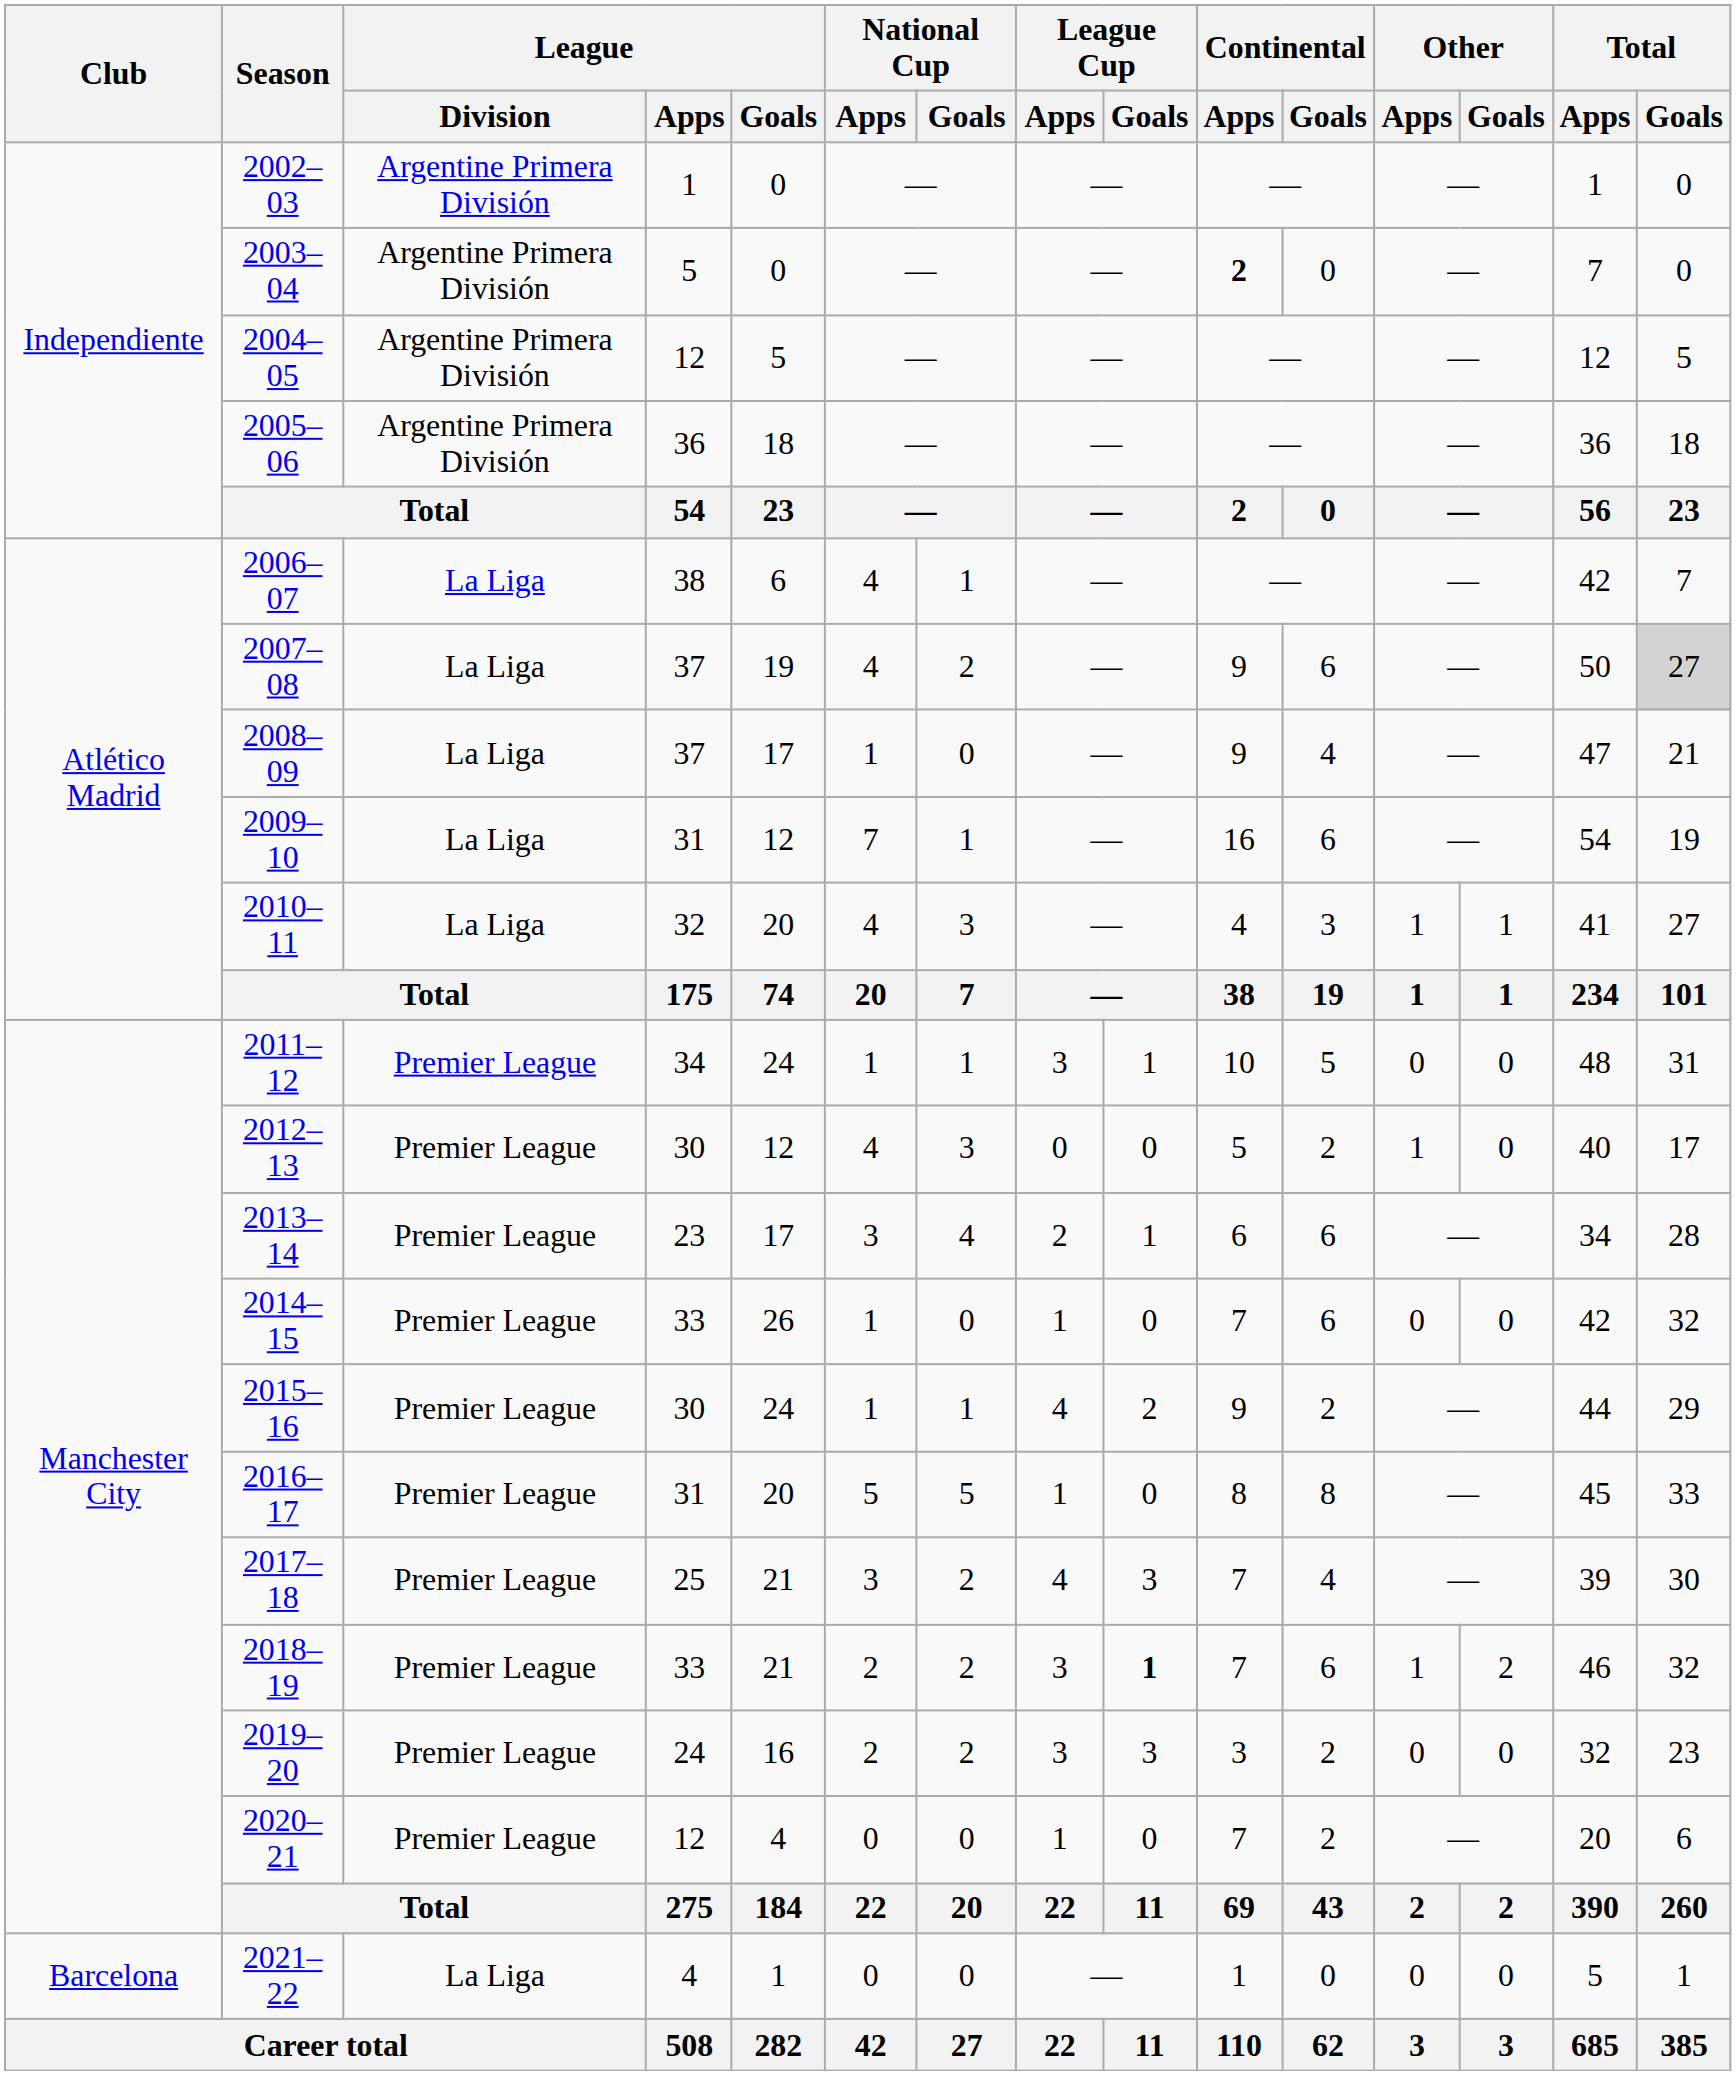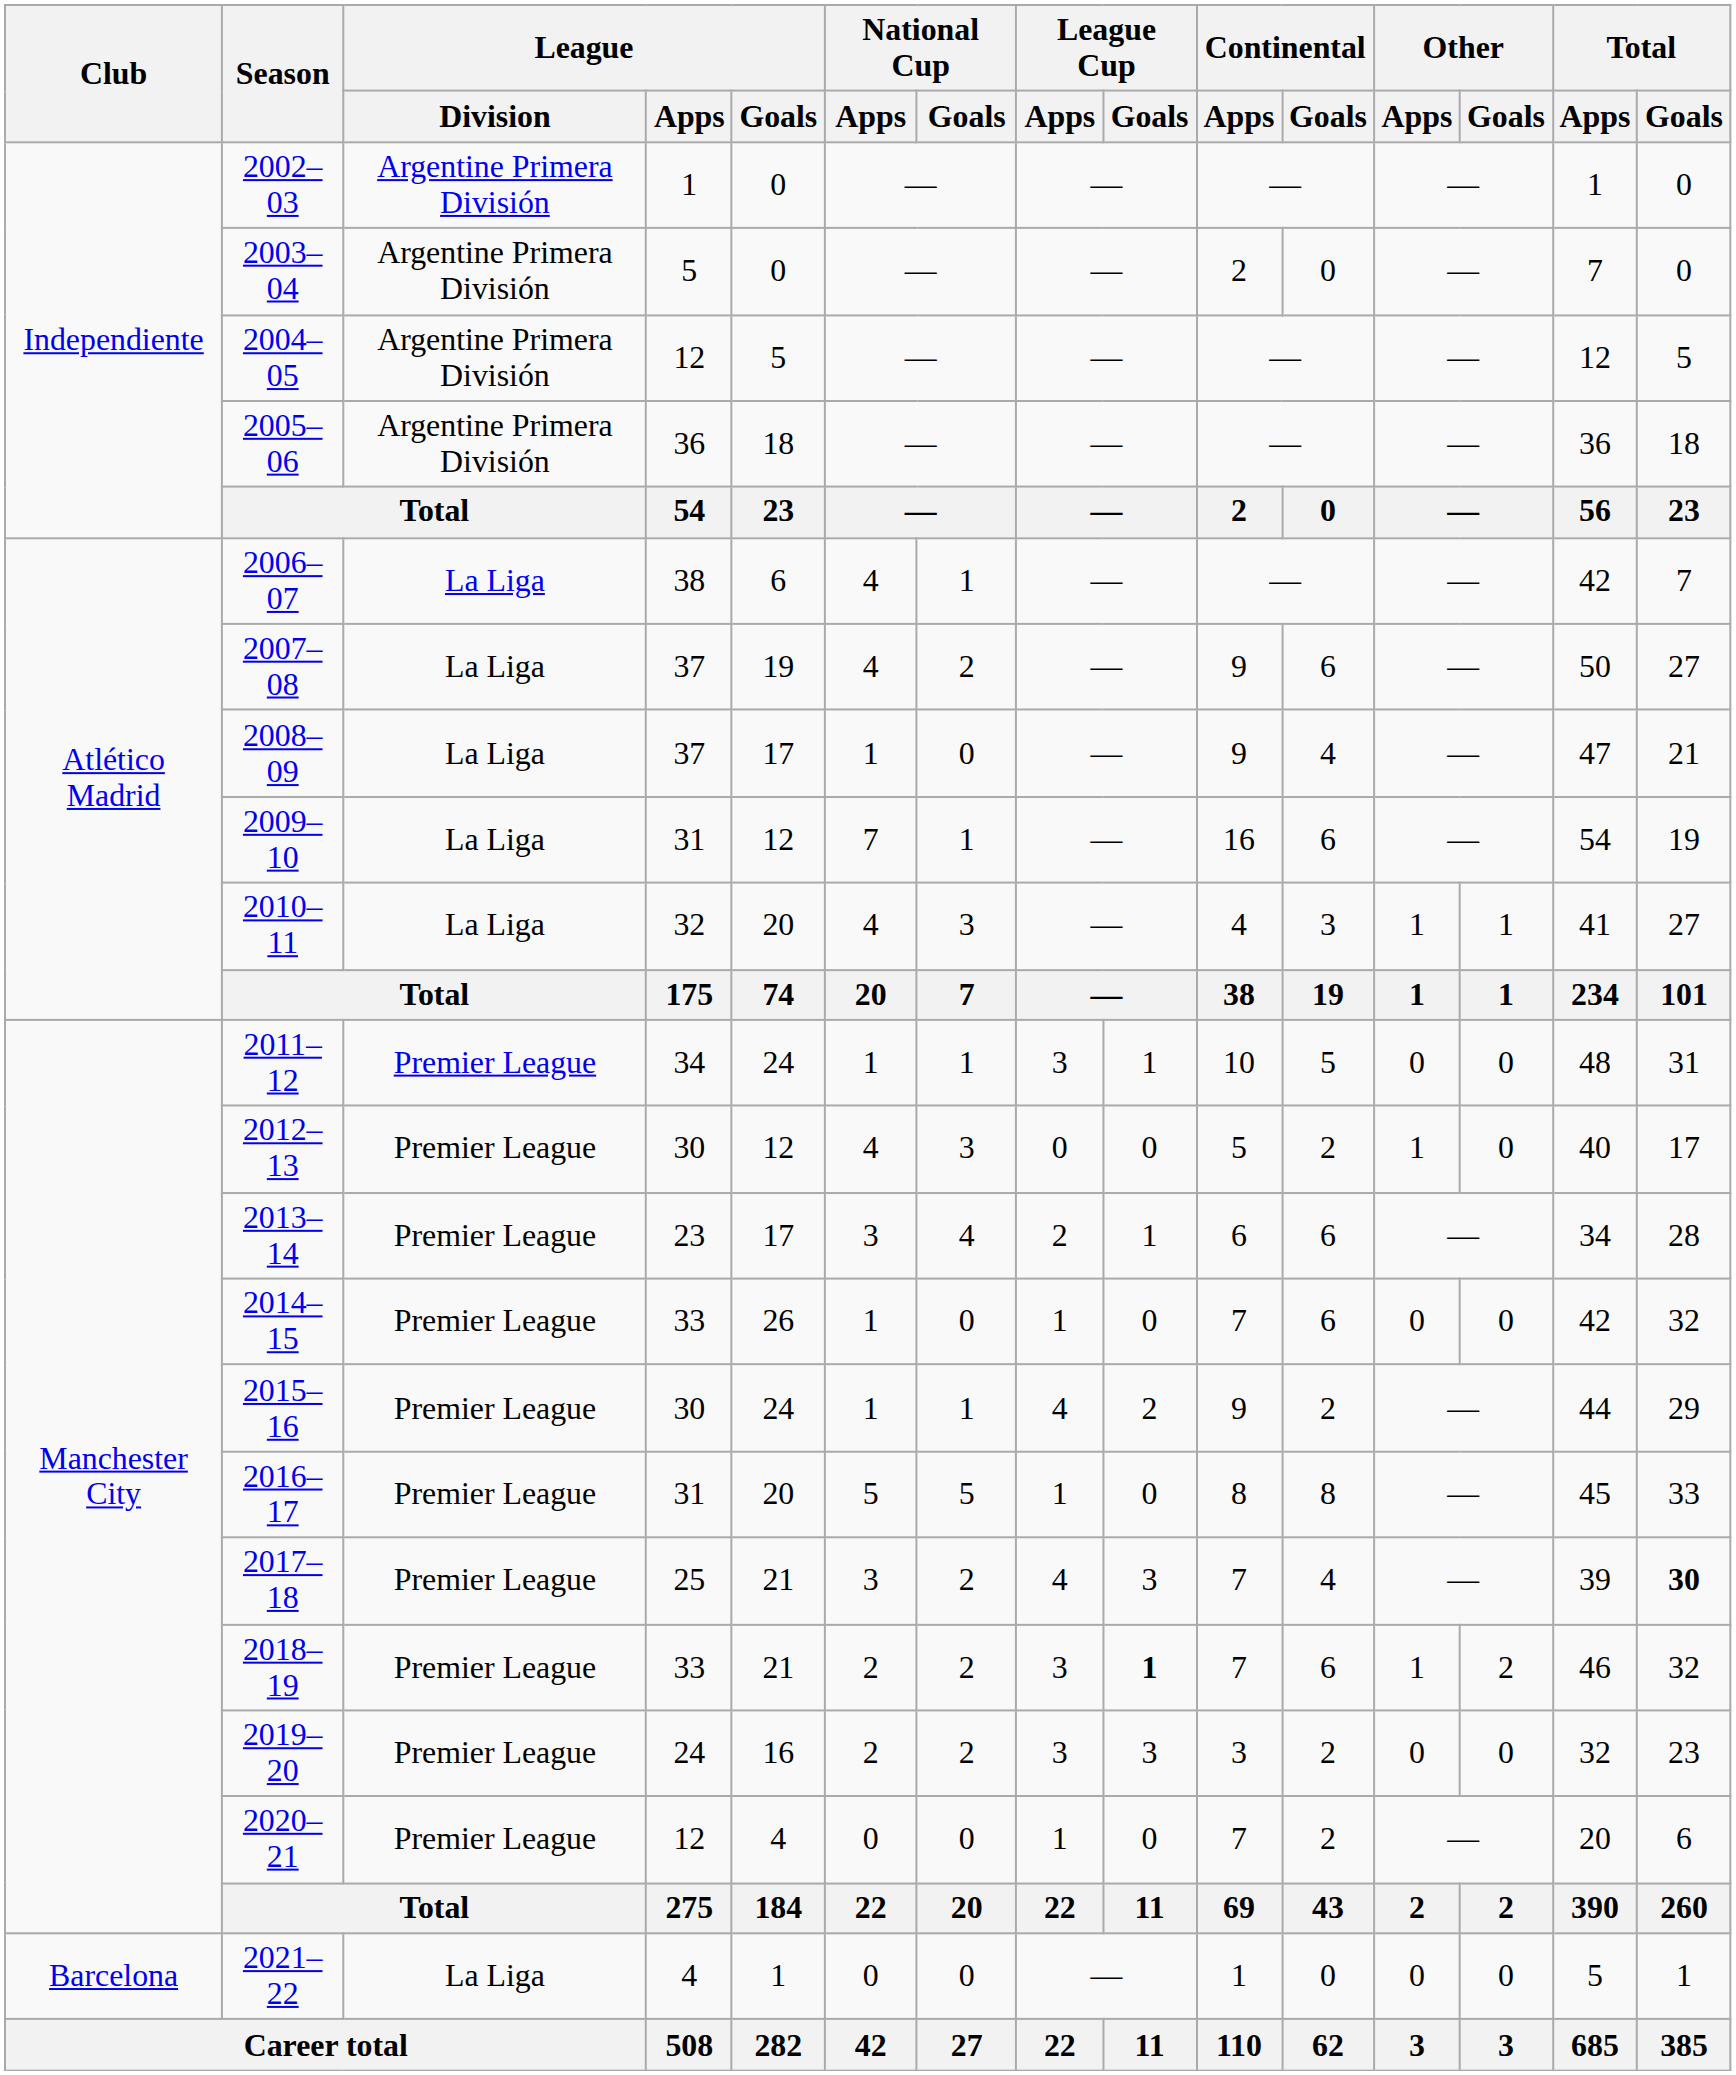 <table class="wikitable" style="text-align:center">
 <tr>
 <th rowspan="2">Club</th>
 <th rowspan="2">Season</th>
 <th colspan="3">League</th>
 <th colspan="2">National Cup</th>
 <th colspan="2">League Cup</th>
 <th colspan="2">Continental</th>
 <th colspan="2">Other</th>
 <th colspan="2">Total</th>
 </tr>
 <tr>
 <th>Division</th>
 <th>Apps</th>
 <th>Goals</th>
 <th>Apps</th>
 <th>Goals</th>
 <th>Apps</th>
 <th>Goals</th>
 <th>Apps</th>
 <th>Goals</th>
 <th>Apps</th>
 <th>Goals</th>
 <th>Apps</th>
 <th>Goals</th>
 </tr>
 <tr>
 <td rowspan="5"><a href='#'>Independiente</a></td>
 <td><a href='#'>2002–03</a></td>
 <td><a href='#'>Argentine Primera División</a></td>
 <td>1</td>
 <td>0</td>
 <td colspan="2">—</td>
 <td colspan="2">—</td>
 <td colspan="2">—</td>
 <td colspan="2">—</td>
 <td>1</td>
 <td>0</td>
 </tr>
 <tr>
 <td><a href='#'>2003–04</a></td>
 <td>Argentine Primera División</td>
 <td>5</td>
 <td>0</td>
 <td colspan="2">—</td>
 <td colspan="2">—</td>
-<td><strong>2</strong></td>
+<td>2</td>
 <td>0</td>
 <td colspan="2">—</td>
 <td>7</td>
 <td>0</td>
 </tr>
 <tr>
 <td><a href='#'>2004–05</a></td>
 <td>Argentine Primera División</td>
 <td>12</td>
 <td>5</td>
 <td colspan="2">—</td>
 <td colspan="2">—</td>
 <td colspan="2">—</td>
 <td colspan="2">—</td>
 <td>12</td>
 <td>5</td>
 </tr>
 <tr>
 <td><a href='#'>2005–06</a></td>
 <td>Argentine Primera División</td>
 <td>36</td>
 <td>18</td>
 <td colspan="2">—</td>
 <td colspan="2">—</td>
 <td colspan="2">—</td>
 <td colspan="2">—</td>
 <td>36</td>
 <td>18</td>
 </tr>
 <tr>
 <th colspan="2">Total</th>
 <th>54</th>
 <th>23</th>
 <th colspan="2">—</th>
 <th colspan="2">—</th>
 <th>2</th>
 <th>0</th>
 <th colspan="2">—</th>
 <th>56</th>
 <th>23</th>
 </tr>
 <tr>
 <td rowspan="6"><a href='#'>Atlético Madrid</a></td>
 <td><a href='#'>2006–07</a></td>
 <td><a href='#'>La Liga</a></td>
 <td>38</td>
 <td>6</td>
 <td>4</td>
 <td>1</td>
 <td colspan="2">—</td>
 <td colspan="2">—</td>
 <td colspan="2">—</td>
 <td>42</td>
 <td>7</td>
 </tr>
 <tr>
 <td><a href='#'>2007–08</a></td>
 <td>La Liga</td>
 <td>37</td>
 <td>19</td>
 <td>4</td>
 <td>2</td>
 <td colspan="2">—</td>
 <td>9</td>
 <td>6</td>
 <td colspan="2">—</td>
 <td>50</td>
-<td style="background: lightgrey;">27</td>
+<td>27</td>
 </tr>
 <tr>
 <td><a href='#'>2008–09</a></td>
 <td>La Liga</td>
 <td>37</td>
 <td>17</td>
 <td>1</td>
 <td>0</td>
 <td colspan="2">—</td>
 <td>9</td>
 <td>4</td>
 <td colspan="2">—</td>
 <td>47</td>
 <td>21</td>
 </tr>
 <tr>
 <td><a href='#'>2009–10</a></td>
 <td>La Liga</td>
 <td>31</td>
 <td>12</td>
 <td>7</td>
 <td>1</td>
 <td colspan="2">—</td>
 <td>16</td>
 <td>6</td>
 <td colspan="2">—</td>
 <td>54</td>
 <td>19</td>
 </tr>
 <tr>
 <td><a href='#'>2010–11</a></td>
 <td>La Liga</td>
 <td>32</td>
 <td>20</td>
 <td>4</td>
 <td>3</td>
 <td colspan="2">—</td>
 <td>4</td>
 <td>3</td>
 <td>1</td>
 <td>1</td>
 <td>41</td>
 <td>27</td>
 </tr>
 <tr>
 <th colspan="2">Total</th>
 <th>175</th>
 <th>74</th>
 <th>20</th>
 <th>7</th>
 <th colspan="2">—</th>
 <th>38</th>
 <th>19</th>
 <th>1</th>
 <th>1</th>
 <th>234</th>
 <th>101</th>
 </tr>
 <tr>
 <td rowspan="11"><a href='#'>Manchester City</a></td>
 <td !colspan="2"><a href='#'>2011–12</a></td>
 <td><a href='#'>Premier League</a></td>
 <td>34</td>
 <td>24</td>
 <td>1</td>
 <td>1</td>
 <td>3</td>
 <td>1</td>
 <td>10</td>
 <td>5</td>
 <td>0</td>
 <td>0</td>
 <td>48</td>
 <td>31</td>
 </tr>
 <tr>
 <td !colspan="2"><a href='#'>2012–13</a></td>
 <td>Premier League</td>
 <td>30</td>
 <td>12</td>
 <td>4</td>
 <td>3</td>
 <td>0</td>
 <td>0</td>
 <td>5</td>
 <td>2</td>
 <td>1</td>
 <td>0</td>
 <td>40</td>
 <td>17</td>
 </tr>
 <tr>
 <td !colspan="2"><a href='#'>2013–14</a></td>
 <td>Premier League</td>
 <td>23</td>
 <td>17</td>
 <td>3</td>
 <td>4</td>
 <td>2</td>
 <td>1</td>
 <td>6</td>
 <td>6</td>
 <td colspan="2">—</td>
 <td>34</td>
 <td>28</td>
 </tr>
 <tr>
 <td !colspan="2"><a href='#'>2014–15</a></td>
 <td>Premier League</td>
 <td>33</td>
 <td>26</td>
 <td>1</td>
 <td>0</td>
 <td>1</td>
 <td>0</td>
 <td>7</td>
 <td>6</td>
 <td>0</td>
 <td>0</td>
 <td>42</td>
 <td>32</td>
 </tr>
 <tr>
 <td !colspan="2"><a href='#'>2015–16</a></td>
 <td>Premier League</td>
 <td>30</td>
 <td>24</td>
 <td>1</td>
 <td>1</td>
 <td>4</td>
 <td>2</td>
 <td>9</td>
 <td>2</td>
 <td colspan="2">—</td>
 <td>44</td>
 <td>29</td>
 </tr>
 <tr>
 <td !colspan="2"><a href='#'>2016–17</a></td>
 <td>Premier League</td>
 <td>31</td>
 <td>20</td>
 <td>5</td>
 <td>5</td>
 <td>1</td>
 <td>0</td>
 <td>8</td>
 <td>8</td>
 <td colspan="2">—</td>
 <td>45</td>
 <td>33</td>
 </tr>
 <tr>
 <td !colspan="2"><a href='#'>2017–18</a></td>
 <td>Premier League</td>
 <td>25</td>
 <td>21</td>
 <td>3</td>
 <td>2</td>
 <td>4</td>
 <td>3</td>
 <td>7</td>
 <td>4</td>
 <td colspan="2">—</td>
 <td>39</td>
-<td>30</td>
+<td><strong>30</strong></td>
 </tr>
 <tr>
 <td !colspan="2"><a href='#'>2018–19</a></td>
 <td>Premier League</td>
 <td>33</td>
 <td>21</td>
 <td>2</td>
 <td>2</td>
 <td>3</td>
 <td><strong>1</strong></td>
 <td>7</td>
 <td>6</td>
 <td>1</td>
 <td>2</td>
 <td>46</td>
 <td>32</td>
 </tr>
 <tr>
 <td !colspan="2"><a href='#'>2019–20</a></td>
 <td>Premier League</td>
 <td>24</td>
 <td>16</td>
 <td>2</td>
 <td>2</td>
 <td>3</td>
 <td>3</td>
 <td>3</td>
 <td>2</td>
 <td>0</td>
 <td>0</td>
 <td>32</td>
 <td>23</td>
 </tr>
 <tr>
 <td !colspan="2"><a href='#'>2020–21</a></td>
 <td>Premier League</td>
 <td>12</td>
 <td>4</td>
 <td>0</td>
 <td>0</td>
 <td>1</td>
 <td>0</td>
 <td>7</td>
 <td>2</td>
 <td colspan=2>—</td>
 <td>20</td>
 <td>6</td>
 </tr>
 <tr>
 <th colspan="2">Total</th>
 <th>275</th>
 <th>184</th>
 <th>22</th>
 <th>20</th>
 <th>22</th>
 <th>11</th>
 <th>69</th>
 <th>43</th>
 <th>2</th>
 <th>2</th>
 <th>390</th>
 <th>260</th>
 </tr>
 <tr>
 <td><a href='#'>Barcelona</a></td>
 <td><a href='#'>2021–22</a></td>
 <td>La Liga</td>
 <td>4</td>
 <td>1</td>
 <td>0</td>
 <td>0</td>
 <td colspan="2">—</td>
 <td>1</td>
 <td>0</td>
 <td>0</td>
 <td>0</td>
 <td>5</td>
 <td>1</td>
 </tr>
 <tr>
 <th colspan="3">Career total</th>
 <th>508</th>
 <th>282</th>
 <th>42</th>
 <th>27</th>
 <th>22</th>
 <th>11</th>
 <th>110</th>
 <th>62</th>
 <th>3</th>
 <th>3</th>
 <th>685</th>
 <th>385</th>
 </tr>
 </table>
